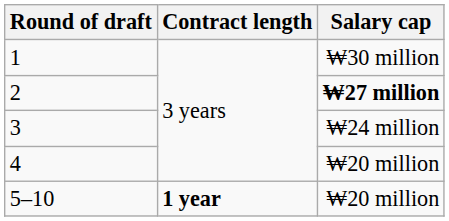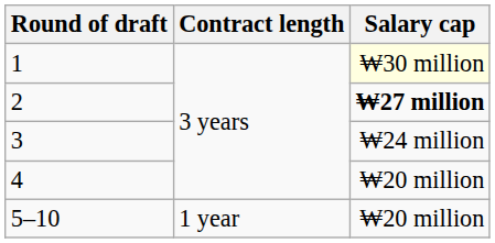 <table class="wikitable">
 <tr>
 <th>Round of draft</th>
 <th>Contract length</th>
 <th>Salary cap</th>
 </tr>
 <tr>
 <td>1</td>
 <td rowspan="4">3 years</td>
-<td align="right">₩30 million</td>
+<td align="right" style="background: lightyellow;">₩30 million</td>
 </tr>
 <tr>
 <td>2</td>
 <td align="right"><strong>₩27 million</strong></td>
 </tr>
 <tr>
 <td>3</td>
 <td align="right">₩24 million</td>
 </tr>
 <tr>
 <td>4</td>
 <td align="right">₩20 million</td>
 </tr>
 <tr>
 <td>5–10</td>
-<td><strong>1 year</strong></td>
+<td>1 year</td>
 <td align="right">₩20 million</td>
 </tr>
 </table>
